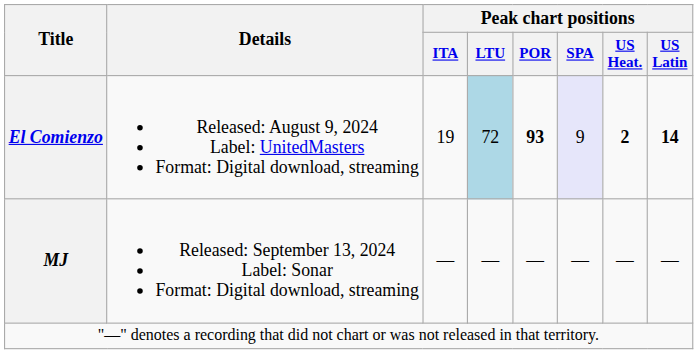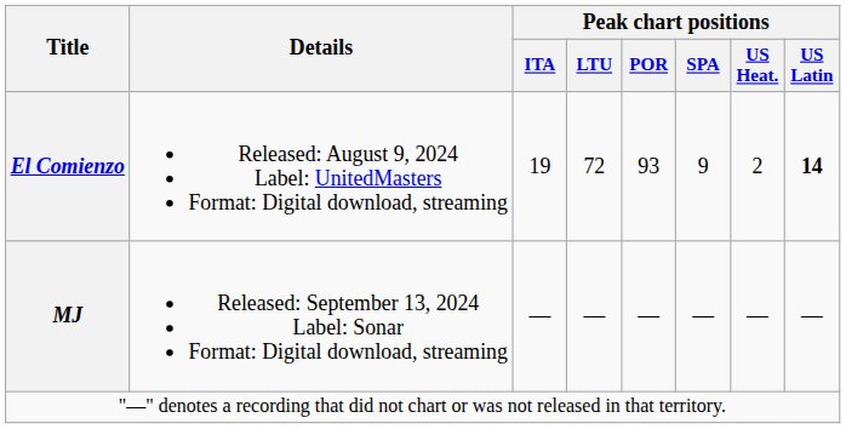 <table class="wikitable plainrowheaders" style="text-align:center;">
 <tr>
 <th scope="col" rowspan="2">Title</th>
 <th scope="col" rowspan="2">Details</th>
 <th scope="col" colspan="6">Peak chart positions</th>
 </tr>
 <tr>
 <th scope="col" style="width:2.5em;font-size:85%;"><a href='#'>ITA</a><br></th>
 <th scope="col" style="width:2.5em;font-size:85%;"><a href='#'>LTU</a><br></th>
 <th scope="col" style="width:2.5em;font-size:85%;"><a href='#'>POR</a><br></th>
 <th scope="col" style="width:2.5em;font-size:85%;"><a href='#'>SPA</a><br></th>
 <th scope="col" style="width:2.5em;font-size:85%;"><a href='#'>US<br>Heat.</a><br></th>
 <th scope="col" style="width:2.5em;font-size:85%;"><a href='#'>US<br>Latin</a><br></th>
 </tr>
 <tr>
 <th scope="row"><em><a href='#'>El Comienzo</a></em></th>
 <td><br><ul><li>Released: August 9, 2024</li><li>Label: <a href='#'>UnitedMasters</a></li><li>Format: Digital download, streaming</li></ul></td>
 <td>19</td>
-<td style="background: lightblue;">72</td>
-<td><strong>93</strong></td>
-<td style="background: lavender;">9</td>
-<td><strong>2</strong></td>
+<td>72</td>
+<td>93</td>
+<td>9</td>
+<td>2</td>
 <td><strong>14</strong></td>
 </tr>
 <tr>
 <th scope="row"><em>MJ</em><br></th>
 <td><br><ul><li>Released: September 13, 2024</li><li>Label: Sonar</li><li>Format: Digital download, streaming</li></ul></td>
 <td>—</td>
 <td>—</td>
 <td>—</td>
 <td>—</td>
 <td>—</td>
 <td>—</td>
 </tr>
 <tr>
 <td colspan="12" style="font-size:90%">"—" denotes a recording that did not chart or was not released in that territory.</td>
 </tr>
 </table>
